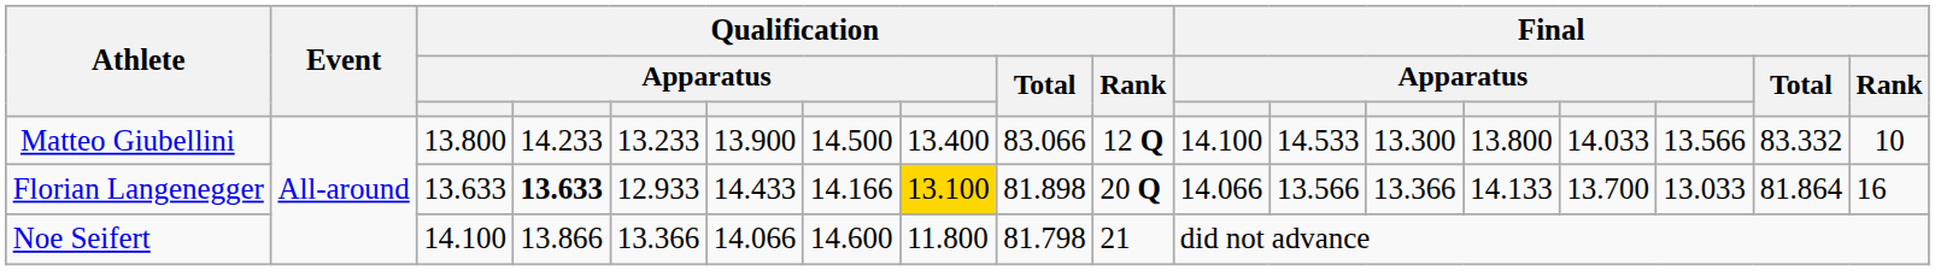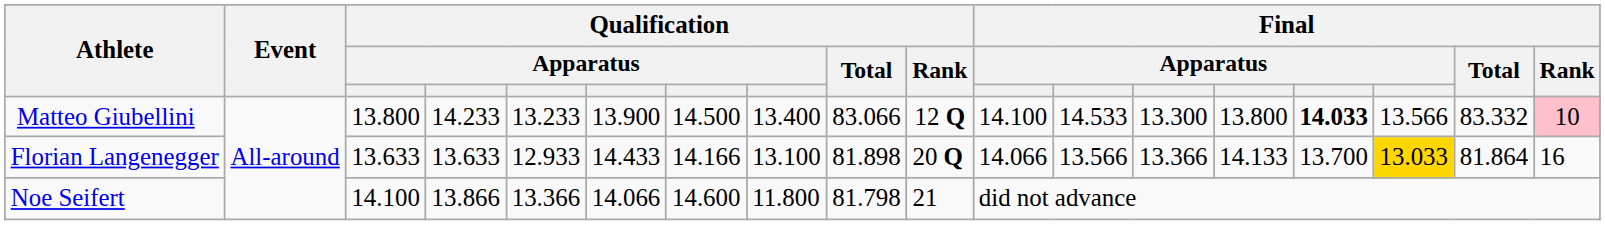 <table class="wikitable" style="font-size:90%">
 <tr>
 <th rowspan=3>Athlete</th>
 <th rowspan=3>Event</th>
 <th colspan =8>Qualification</th>
 <th colspan =8>Final</th>
 </tr>
 <tr style="font-size:95%">
 <th colspan=6>Apparatus</th>
 <th rowspan=2>Total</th>
 <th rowspan=2>Rank</th>
 <th colspan=6>Apparatus</th>
 <th rowspan=2>Total</th>
 <th rowspan=2>Rank</th>
 </tr>
 <tr style="font-size:95%">
 <th></th>
 <th></th>
 <th></th>
 <th></th>
 <th></th>
 <th></th>
 <th></th>
 <th></th>
 <th></th>
 <th></th>
 <th></th>
 <th></th>
 </tr>
 <tr align=center>
 <td align=left> <a href='#'>Matteo Giubellini</a></td>
 <td rowspan="3" align="left"><a href='#'>All-around</a></td>
 <td>13.800</td>
 <td>14.233</td>
 <td>13.233</td>
 <td>13.900</td>
 <td>14.500</td>
 <td>13.400</td>
 <td>83.066</td>
 <td>12 <strong>Q</strong></td>
 <td>14.100</td>
 <td>14.533</td>
 <td>13.300</td>
 <td>13.800</td>
-<td>14.033</td>
+<td><strong>14.033</strong></td>
 <td>13.566</td>
 <td>83.332</td>
-<td>10</td>
+<td style="background: pink;">10</td>
 </tr>
 <tr>
 <td><a href='#'>Florian Langenegger</a></td>
 <td>13.633</td>
-<td><strong>13.633</strong></td>
+<td>13.633</td>
 <td>12.933</td>
 <td>14.433</td>
 <td>14.166</td>
-<td style="background: gold;">13.100</td>
+<td>13.100</td>
 <td>81.898</td>
 <td>20 <strong>Q</strong></td>
 <td>14.066</td>
 <td>13.566</td>
 <td>13.366</td>
 <td>14.133</td>
 <td>13.700</td>
-<td>13.033</td>
+<td style="background: gold;">13.033</td>
 <td>81.864</td>
 <td>16</td>
 </tr>
 <tr>
 <td><a href='#'>Noe Seifert</a></td>
 <td>14.100</td>
 <td>13.866</td>
 <td>13.366</td>
 <td>14.066</td>
 <td>14.600</td>
 <td>11.800</td>
 <td>81.798</td>
 <td>21</td>
 <td colspan="8">did not advance</td>
 </tr>
 </table>
